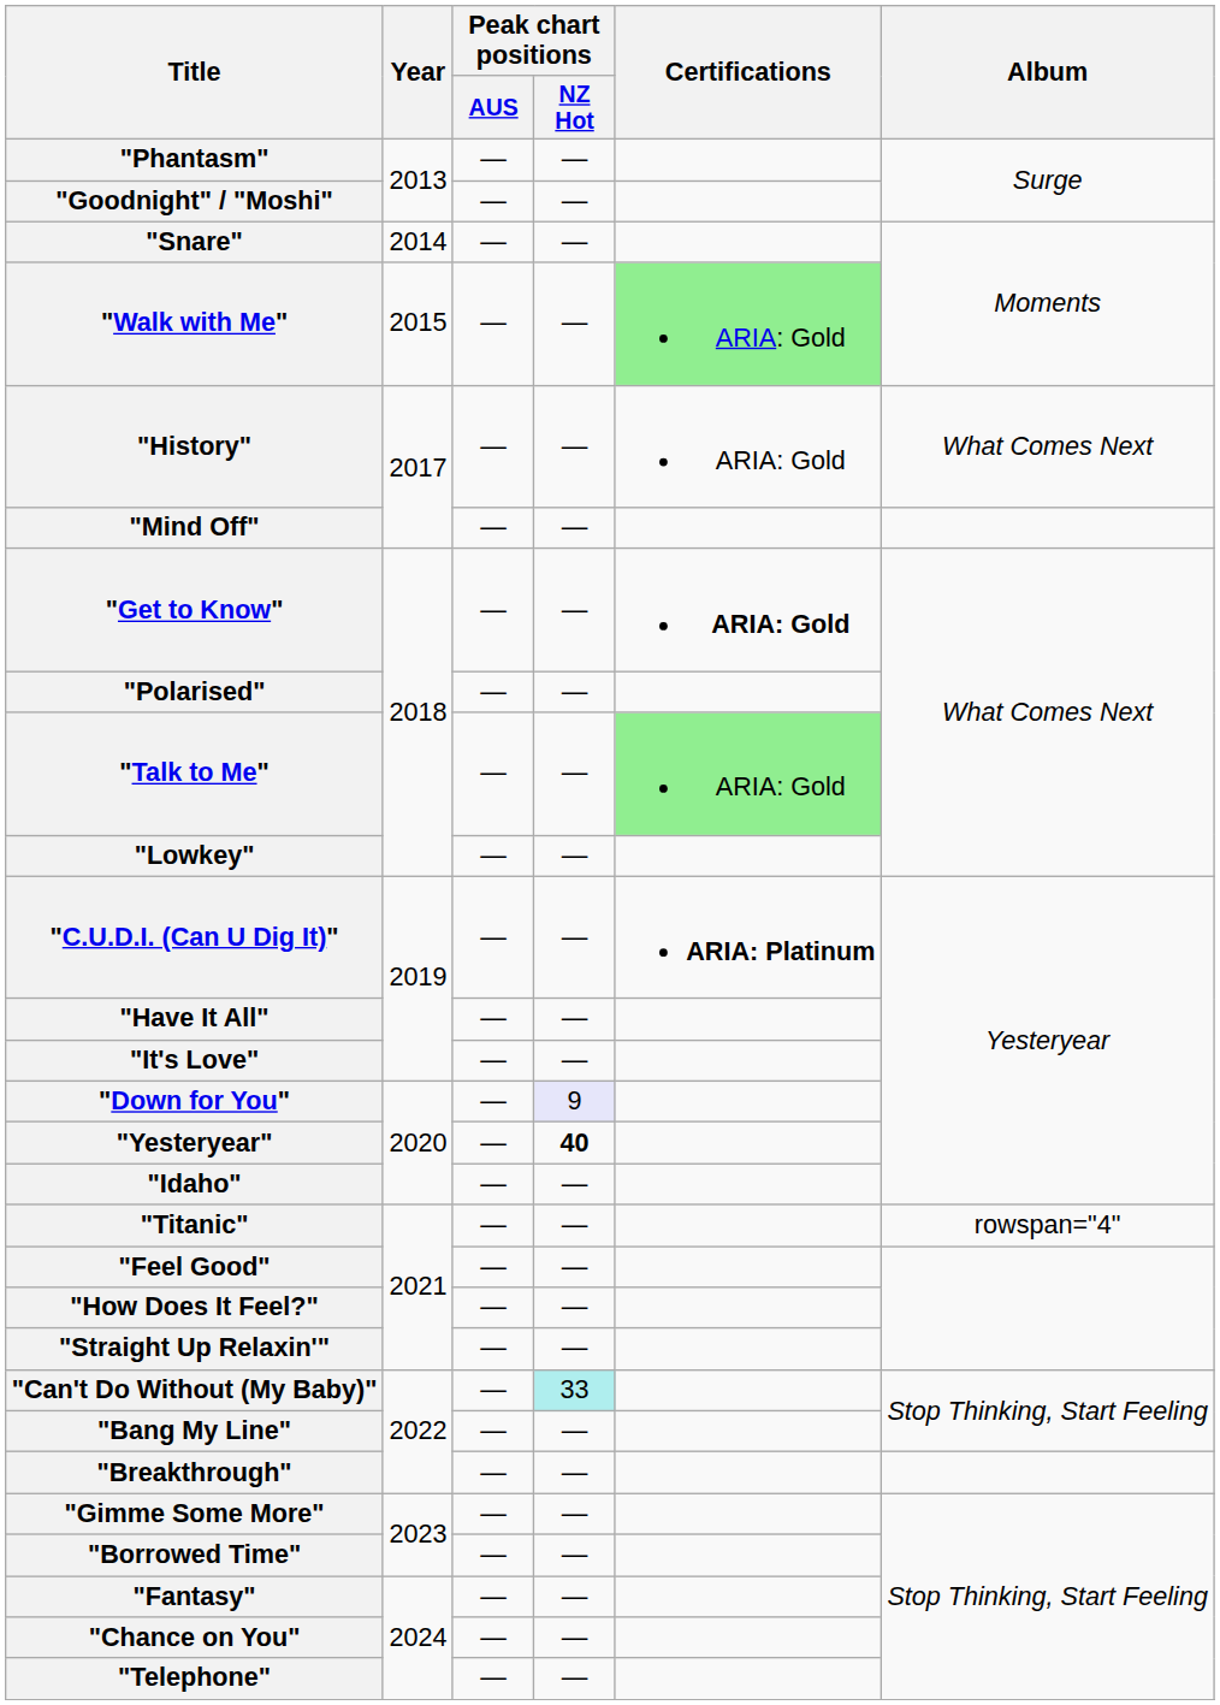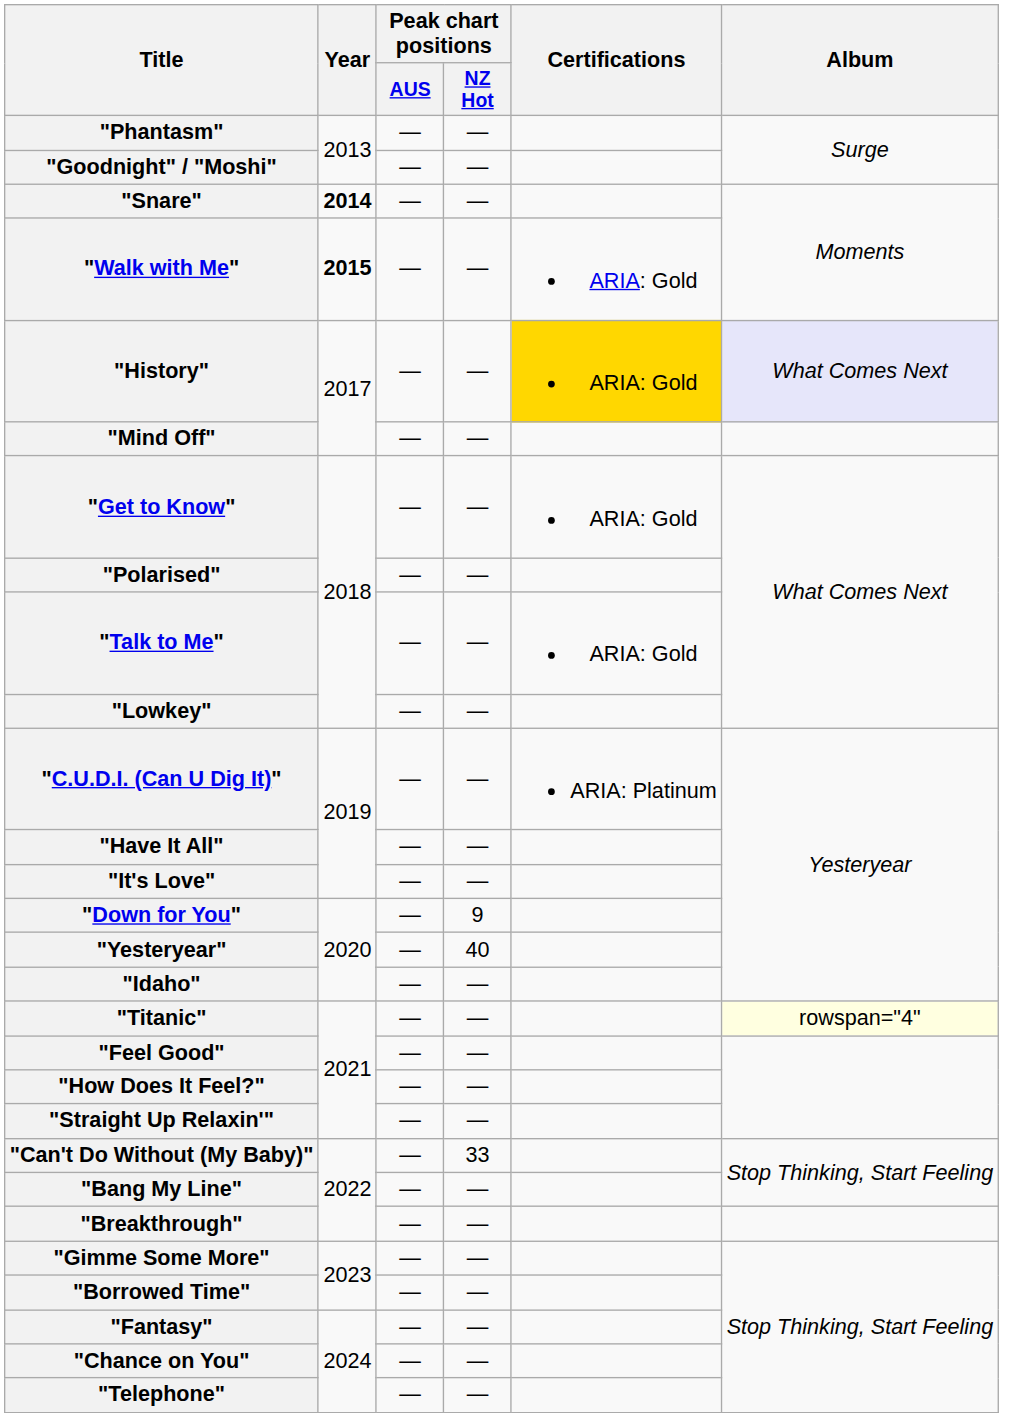 <table class="wikitable plainrowheaders" style="text-align:center;">
 <tr>
 <th scope="col" rowspan="2">Title</th>
 <th scope="col" rowspan="2">Year</th>
 <th scope="col" colspan="2">Peak chart positions</th>
 <th scope="col" rowspan="2">Certifications</th>
 <th scope="col" rowspan="2">Album</th>
 </tr>
 <tr>
 <th scope="col" style="width:3em;font-size:90%;"><a href='#'>AUS</a></th>
 <th scope="col" style="width:3em;font-size:90%;"><a href='#'>NZ<br>Hot</a><br></th>
 </tr>
 <tr>
 <th scope="row">"Phantasm"<br></th>
 <td rowspan="2">2013</td>
 <td>—</td>
 <td>—</td>
 <td></td>
 <td rowspan="2"><em>Surge</em></td>
 </tr>
 <tr>
 <th scope="row">"Goodnight" / "Moshi"</th>
 <td>—</td>
 <td>—</td>
 <td></td>
 </tr>
 <tr>
 <th scope="row">"Snare"<br></th>
-<td>2014</td>
+<td><strong>2014</strong></td>
 <td>—</td>
 <td>—</td>
 <td></td>
 <td rowspan="2"><em>Moments</em></td>
 </tr>
 <tr>
 <th scope="row">"<a href='#'>Walk with Me</a>"<br></th>
-<td>2015</td>
+<td><strong>2015</strong></td>
 <td>—</td>
 <td>—</td>
-<td style="background: lightgreen;"><br><ul><li><a href='#'>ARIA</a>: Gold</li></ul></td>
+<td><br><ul><li><a href='#'>ARIA</a>: Gold</li></ul></td>
 </tr>
 <tr>
 <th scope="row">"History"</th>
 <td rowspan="2">2017</td>
 <td>—</td>
 <td>—</td>
-<td><br><ul><li>ARIA: Gold</li></ul></td>
-<td><em>What Comes Next</em></td>
+<td style="background: gold;"><br><ul><li>ARIA: Gold</li></ul></td>
+<td style="background: lavender;"><em>What Comes Next</em></td>
 </tr>
 <tr>
 <th scope="row">"Mind Off"<br></th>
 <td>—</td>
 <td>—</td>
 <td></td>
 <td></td>
 </tr>
 <tr>
 <th scope="row">"<a href='#'>Get to Know</a>"<br></th>
 <td rowspan="4">2018</td>
 <td>—</td>
 <td>—</td>
-<td><strong><br><ul><li>ARIA: Gold</li></ul></strong></td>
+<td><br><ul><li>ARIA: Gold</li></ul></td>
 <td rowspan="4"><em>What Comes Next</em></td>
 </tr>
 <tr>
 <th scope="row">"Polarised"</th>
 <td>—</td>
 <td>—</td>
 <td></td>
 </tr>
 <tr>
 <th scope="row">"<a href='#'>Talk to Me</a>"<br></th>
 <td>—</td>
 <td>—</td>
-<td style="background: lightgreen;"><br><ul><li>ARIA: Gold</li></ul></td>
+<td><br><ul><li>ARIA: Gold</li></ul></td>
 </tr>
 <tr>
 <th scope="row">"Lowkey"<br></th>
 <td>—</td>
 <td>—</td>
 <td></td>
 </tr>
 <tr>
 <th scope="row">"<a href='#'>C.U.D.I. (Can U Dig It)</a>"</th>
 <td rowspan="3">2019</td>
 <td>—</td>
 <td>—</td>
-<td><strong><br><ul><li>ARIA: Platinum</li></ul></strong></td>
+<td><br><ul><li>ARIA: Platinum</li></ul></td>
 <td rowspan="6"><em>Yesteryear</em></td>
 </tr>
 <tr>
 <th scope="row">"Have It All"<br></th>
 <td>—</td>
 <td>—</td>
 <td></td>
 </tr>
 <tr>
 <th scope="row">"It's Love"<br></th>
 <td>—</td>
 <td>—</td>
 <td></td>
 </tr>
 <tr>
 <th scope="row">"<a href='#'>Down for You</a>"<br></th>
 <td rowspan="3">2020</td>
 <td>—</td>
-<td style="background: lavender;">9</td>
+<td>9</td>
 <td></td>
 </tr>
 <tr>
 <th scope="row">"Yesteryear"</th>
 <td>—</td>
-<td><strong>40</strong></td>
+<td>40</td>
 <td></td>
 </tr>
 <tr>
 <th scope="row">"Idaho"</th>
 <td>—</td>
 <td>—</td>
 <td></td>
 </tr>
 <tr>
 <th scope="row">"Titanic"</th>
 <td rowspan="4">2021</td>
 <td>—</td>
 <td>—</td>
 <td></td>
-<td>rowspan="4" </td>
+<td style="background: lightyellow;">rowspan="4" </td>
 </tr>
 <tr>
 <th scope="row">"Feel Good"<br></th>
 <td>—</td>
 <td>—</td>
 <td></td>
 </tr>
 <tr>
 <th scope="row">"How Does It Feel?"<br></th>
 <td>—</td>
 <td>—</td>
 <td></td>
 </tr>
 <tr>
 <th scope="row">"Straight Up Relaxin'"<br></th>
 <td>—</td>
 <td>—</td>
 <td></td>
 </tr>
 <tr>
 <th scope="row">"Can't Do Without (My Baby)"</th>
 <td rowspan="3">2022</td>
 <td>—</td>
-<td style="background: paleturquoise;">33</td>
+<td>33</td>
 <td></td>
 <td rowspan="2"><em>Stop Thinking, Start Feeling</em></td>
 </tr>
 <tr>
 <th scope="row">"Bang My Line"<br></th>
 <td>—</td>
 <td>—</td>
 <td></td>
 </tr>
 <tr>
 <th scope="row">"Breakthrough"<br></th>
 <td>—</td>
 <td>—</td>
 <td></td>
 <td></td>
 </tr>
 <tr>
 <th scope="row">"Gimme Some More"<br></th>
 <td rowspan="2">2023</td>
 <td>—</td>
 <td>—</td>
 <td></td>
 <td rowspan="5"><em>Stop Thinking, Start Feeling</em></td>
 </tr>
 <tr>
 <th scope="row">"Borrowed Time"<br></th>
 <td>—</td>
 <td>—</td>
 <td></td>
 </tr>
 <tr>
 <th scope="row">"Fantasy"<br></th>
 <td rowspan="3">2024</td>
 <td>—</td>
 <td>—</td>
 <td></td>
 </tr>
 <tr>
 <th scope="row">"Chance on You"<br></th>
 <td>—</td>
 <td>—</td>
 <td></td>
 </tr>
 <tr>
 <th scope="row">"Telephone"</th>
 <td>—</td>
 <td>—</td>
 <td></td>
 </tr>
 <tr>
 </tr>
 </table>
